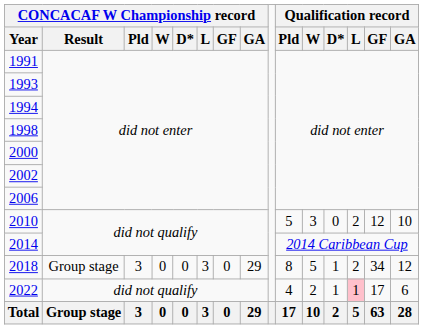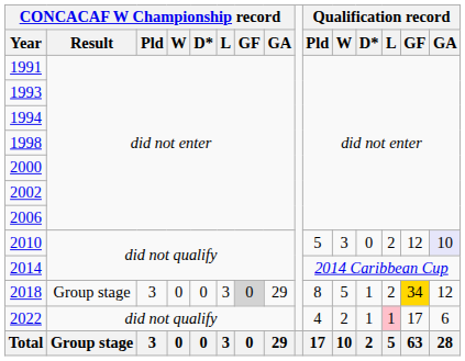 <table class="wikitable" style="text-align: center;">
 <tr>
 <th colspan=8><a href='#'>CONCACAF W Championship</a> record</th>
 <td rowspan=13></td>
 <th colspan=6>Qualification record</th>
 </tr>
 <tr>
 <th>Year</th>
 <th>Result</th>
 <th>Pld</th>
 <th>W</th>
 <th>D*</th>
 <th>L</th>
 <th>GF</th>
 <th>GA</th>
 <th>Pld</th>
 <th>W</th>
 <th>D*</th>
 <th>L</th>
 <th>GF</th>
 <th>GA</th>
 </tr>
 <tr>
 <td> <a href='#'>1991</a></td>
 <td colspan=7 rowspan=7><em>did not enter</em></td>
 <td colspan=6 rowspan=7><em>did not enter</em></td>
 </tr>
 <tr>
 <td> <a href='#'>1993</a></td>
 </tr>
 <tr>
 <td> <a href='#'>1994</a></td>
 </tr>
 <tr>
 <td> <a href='#'>1998</a></td>
 </tr>
 <tr>
 <td> <a href='#'>2000</a></td>
 </tr>
 <tr>
 <td> <a href='#'>2002</a></td>
 </tr>
 <tr>
 <td> <a href='#'>2006</a></td>
 </tr>
 <tr>
 <td> <a href='#'>2010</a></td>
 <td colspan=7 rowspan=2><em>did not qualify</em></td>
 <td>5</td>
 <td>3</td>
 <td>0</td>
 <td>2</td>
 <td>12</td>
-<td>10</td>
+<td style="background: lavender;">10</td>
 </tr>
 <tr>
 <td> <a href='#'>2014</a></td>
 <td colspan=6><em><a href='#'>2014 Caribbean Cup</a></em></td>
 </tr>
 <tr>
 <td> <a href='#'>2018</a></td>
 <td>Group stage</td>
 <td>3</td>
 <td>0</td>
 <td>0</td>
 <td>3</td>
-<td>0</td>
+<td style="background: lightgrey;">0</td>
 <td>29</td>
 <td>8</td>
 <td>5</td>
 <td>1</td>
 <td>2</td>
-<td>34</td>
+<td style="background: gold;">34</td>
 <td>12</td>
 </tr>
 <tr>
 <td> <a href='#'>2022</a></td>
 <td colspan=7><em>did not qualify</em></td>
 <td>4</td>
 <td>2</td>
 <td>1</td>
 <td style="background: pink;">1</td>
 <td>17</td>
 <td>6</td>
 </tr>
 <tr>
 <th>Total</th>
 <th>Group stage</th>
 <th>3</th>
 <th>0</th>
 <th>0</th>
 <th>3</th>
 <th>0</th>
 <th>29</th>
 <th></th>
 <th>17</th>
 <th>10</th>
 <th>2</th>
 <th>5</th>
 <th>63</th>
 <th>28</th>
 </tr>
 </table>
